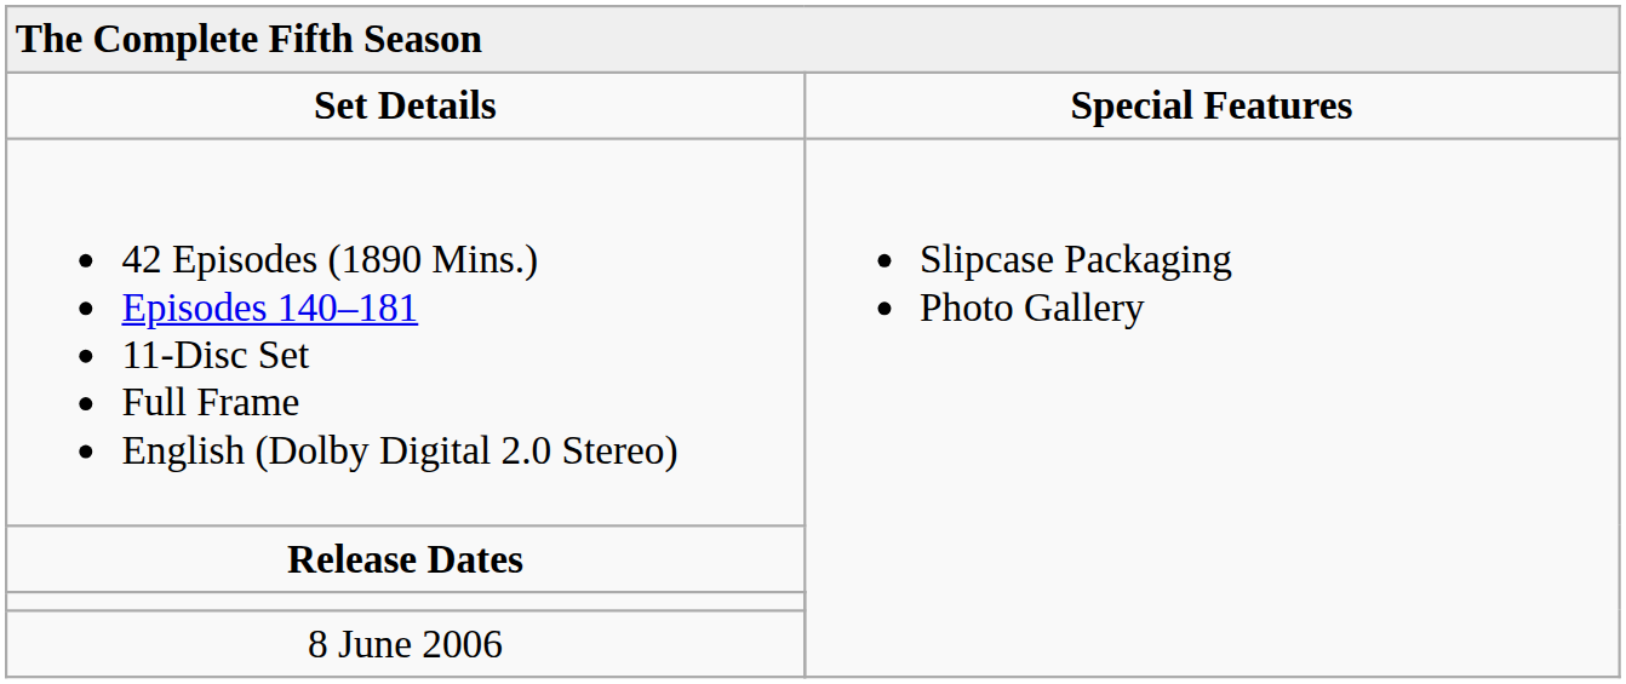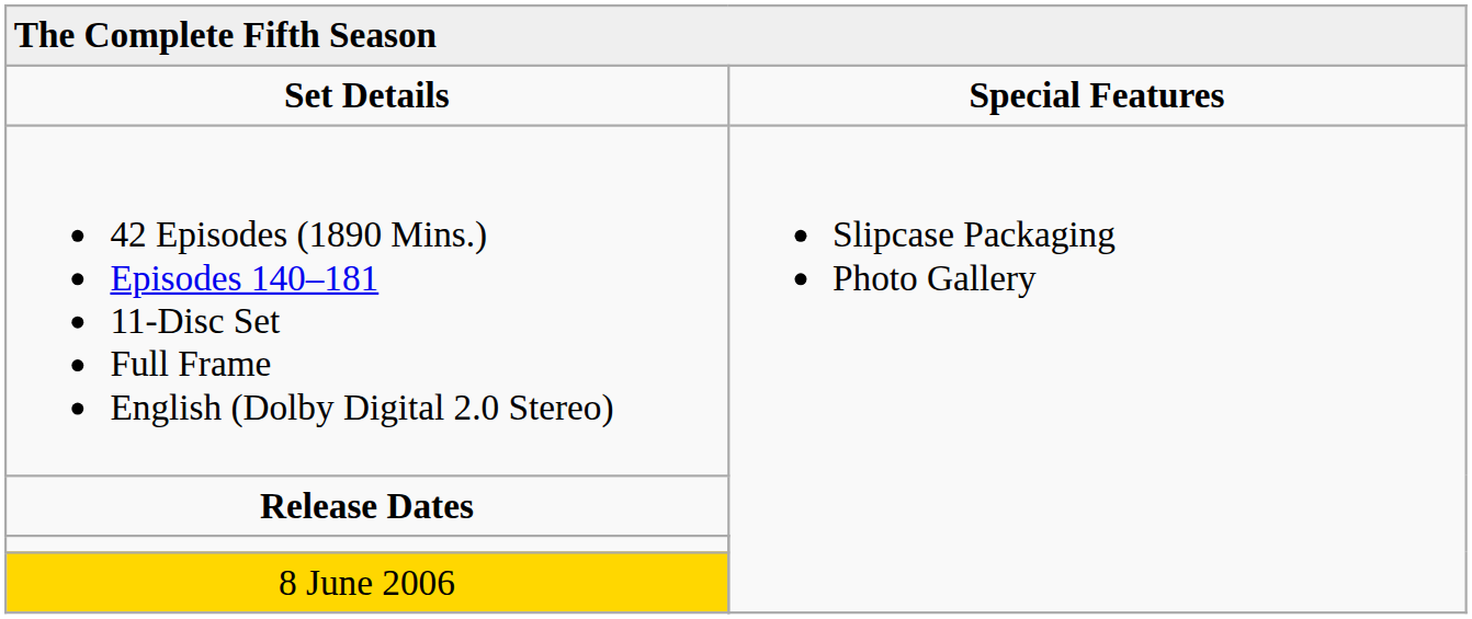 <table class="wikitable" style="font-size: 95%;">
 <tr style="background:#EFEFEF">
 <td colspan="5"><strong>The Complete Fifth Season</strong></td>
 </tr>
 <tr>
 <td align="center" width="350" colspan="3"><strong>Set Details</strong></td>
 <td width="250" align="center"><strong>Special Features</strong></td>
 </tr>
 <tr valign="top">
 <td colspan="3" align="left" width="400"><br><ul><li>42 Episodes (1890 Mins.)</li><li><a href='#'>Episodes 140–181</a></li><li>11-Disc Set</li><li>Full Frame</li><li>English (Dolby Digital 2.0 Stereo)</li></ul></td>
 <td rowspan="4" align="left" width="300"><br><ul><li>Slipcase Packaging</li><li>Photo Gallery</li></ul></td>
 </tr>
 <tr>
 <td colspan="3" align="center"><strong>Release Dates</strong></td>
 </tr>
 <tr>
 <td align="center"></td>
 </tr>
 <tr>
-<td align="center">8 June 2006</td>
+<td align="center" style="background: gold;">8 June 2006</td>
 </tr>
 </table>
